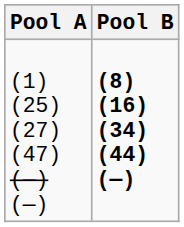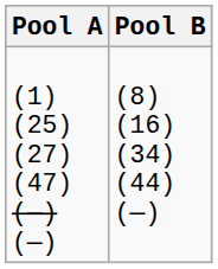 <table class="wikitable">
 <tr>
 <th width=50%>Pool A</th>
 <th width=50%>Pool B</th>
 </tr>
 <tr>
 <td><br> (1)<br>  (25)<br>  (27)<br>  (47)<br> <s> (—)</s><br>  (—)</td>
-<td valign=top><strong><br> (8)<br>  (16)<br>  (34)<br>  (44)<br>  (—)</strong></td>
+<td valign=top><br> (8)<br>  (16)<br>  (34)<br>  (44)<br>  (—)</td>
 </tr>
 </table>
